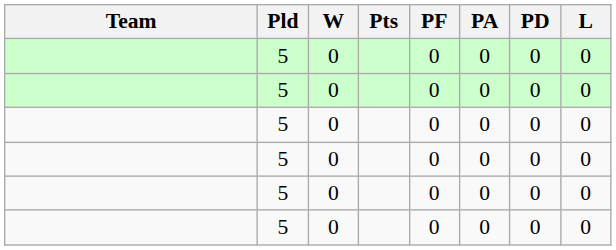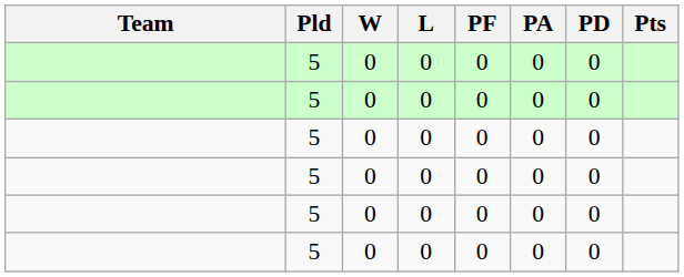 <table class=wikitable style="text-align:center">
 <tr>
 <th width=180>Team</th>
 <th width=30>Pld</th>
 <th width=30>W</th>
-<th width=30>Pts</th>
+<th width=30>L</th>
 <th width=30>PF</th>
 <th width=30>PA</th>
 <th width=30>PD</th>
-<th width=30>L</th>
+<th width=30>Pts</th>
 </tr>
 <tr bgcolor="#ccffcc">
 <td align="left"></td>
 <td>5</td>
 <td>0</td>
-<td><strong>  </strong></td>
 <td>0</td>
 <td>0</td>
 <td>0</td>
 <td>0</td>
+<td><strong>  </strong></td>
 </tr>
 <tr bgcolor="#ccffcc">
 <td align="left"></td>
 <td>5</td>
 <td>0</td>
-<td><strong>  </strong></td>
 <td>0</td>
 <td>0</td>
 <td>0</td>
 <td>0</td>
+<td><strong>  </strong></td>
 </tr>
 <tr b>
 <td align="left"></td>
 <td>5</td>
 <td>0</td>
-<td><strong>  </strong></td>
 <td>0</td>
 <td>0</td>
 <td>0</td>
 <td>0</td>
+<td><strong>  </strong></td>
 </tr>
 <tr>
 <td align="left"></td>
 <td>5</td>
 <td>0</td>
-<td><strong>  </strong></td>
 <td>0</td>
 <td>0</td>
 <td>0</td>
 <td>0</td>
+<td><strong>  </strong></td>
 </tr>
 <tr>
 <td align="left"></td>
 <td>5</td>
 <td>0</td>
-<td><strong>  </strong></td>
 <td>0</td>
 <td>0</td>
 <td>0</td>
 <td>0</td>
+<td><strong>  </strong></td>
 </tr>
 <tr>
 <td align="left"></td>
 <td>5</td>
 <td>0</td>
-<td><strong>  </strong></td>
 <td>0</td>
 <td>0</td>
 <td>0</td>
 <td>0</td>
+<td><strong>  </strong></td>
 </tr>
 </table>
